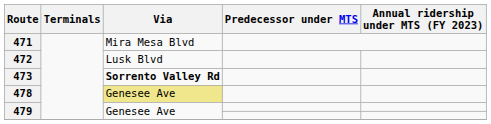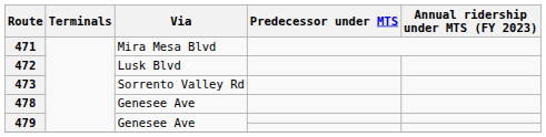 <table class="wikitable">
 <tr>
 <th>Route</th>
 <th>Terminals</th>
 <th>Via</th>
 <th>Predecessor under <a href='#'>MTS</a></th>
 <th>Annual ridership <br>under MTS (FY 2023)</th>
 </tr>
 <tr>
 <th>471</th>
 <td rowspan="6"></td>
 <td>Mira Mesa Blvd</td>
 <td colspan="2"></td>
 </tr>
 <tr>
 <th>472</th>
 <td>Lusk Blvd</td>
 <td></td>
 <td></td>
 </tr>
 <tr>
 <th>473</th>
-<td><strong>Sorrento Valley Rd</strong></td>
+<td>Sorrento Valley Rd</td>
 <td></td>
 <td></td>
 </tr>
 <tr>
 <th>478</th>
-<td style="background: khaki;">Genesee Ave</td>
+<td>Genesee Ave</td>
 <td></td>
 <td></td>
 </tr>
 <tr>
 <th rowspan="2">479</th>
 <td rowspan="2">Genesee Ave</td>
 <td></td>
 <td></td>
 </tr>
 <tr>
 <td></td>
 <td></td>
 </tr>
 <tr>
 </tr>
 </table>
